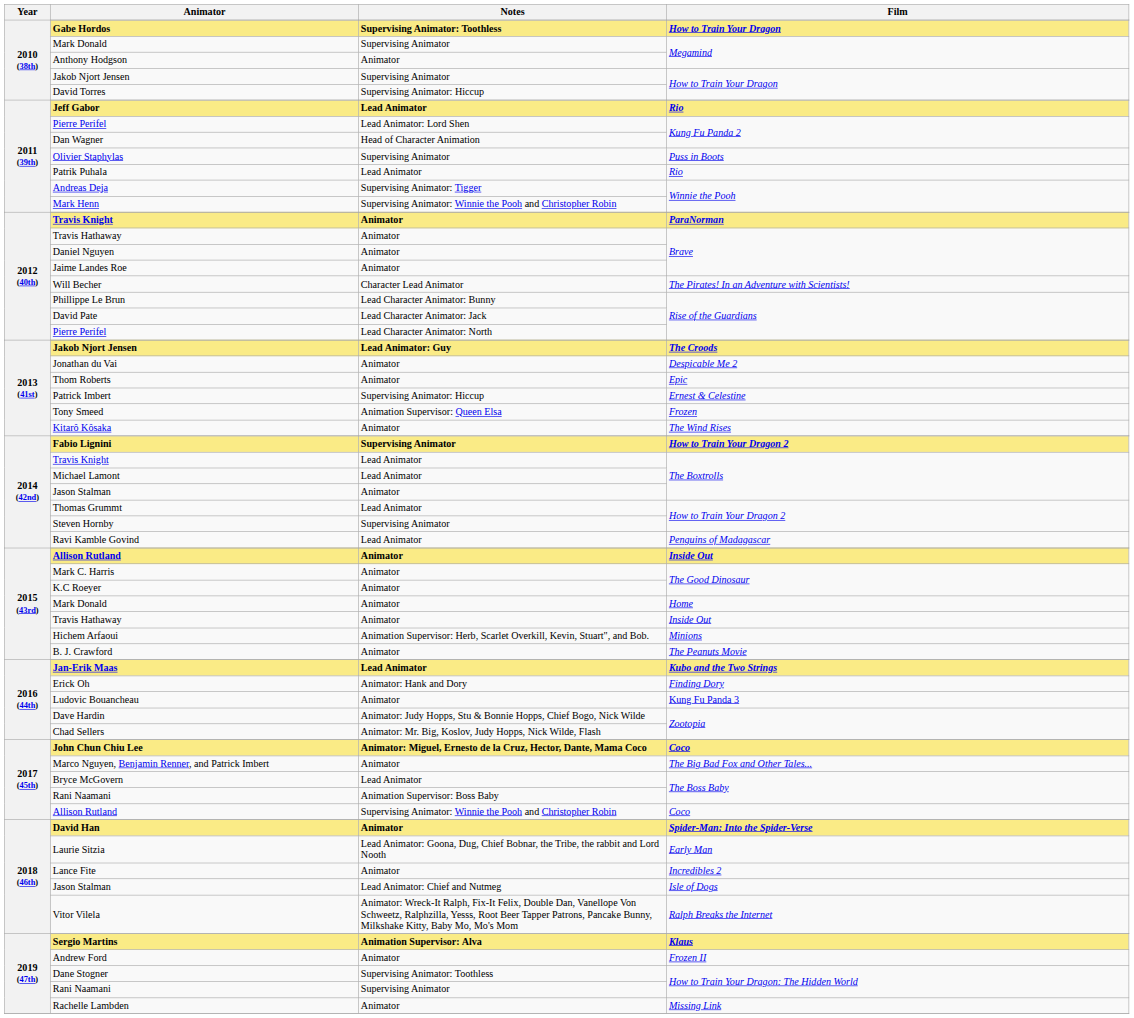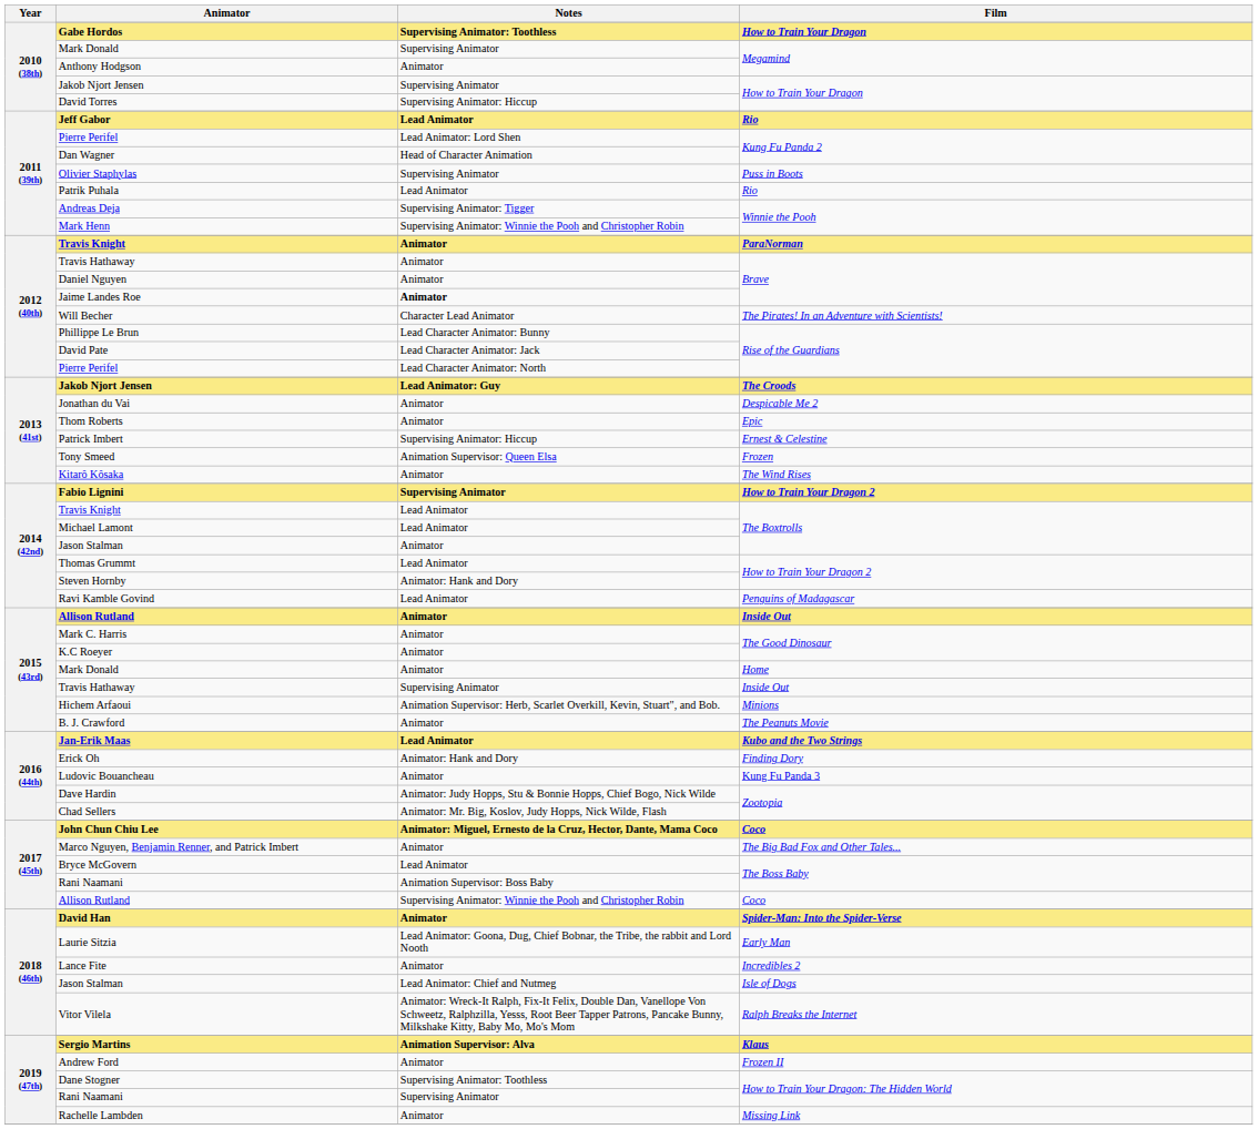 <table class="wikitable" style="width:90%;">
 <tr>
 <th style="width:3%;">Year</th>
 <th style="width:20%;">Animator</th>
 <th style="width:20%;">Notes</th>
 <th style="width:30%;">Film</th>
 </tr>
 <tr>
 <th rowspan="6" style="text-align:center;">2010 <br><small>(<a href='#'>38th</a>)</small><br></th>
 </tr>
 <tr>
 <td style="background:#FAEB86;"><strong>Gabe Hordos</strong></td>
 <td style="background:#FAEB86;"><strong>Supervising Animator: Toothless</strong></td>
 <td style="background:#FAEB86;"><strong><em><a href='#'>How to Train Your Dragon</a></em></strong></td>
 </tr>
 <tr>
 <td>Mark Donald</td>
 <td>Supervising Animator</td>
 <td rowspan="2"><em><a href='#'>Megamind</a></em></td>
 </tr>
 <tr>
 <td>Anthony Hodgson</td>
 <td>Animator</td>
 </tr>
 <tr>
 <td>Jakob Njort Jensen</td>
 <td>Supervising Animator</td>
 <td rowspan="2"><em><a href='#'>How to Train Your Dragon</a></em></td>
 </tr>
 <tr>
 <td>David Torres</td>
 <td>Supervising Animator: Hiccup</td>
 </tr>
 <tr>
 <th rowspan="8" style="text-align:center;">2011 <br><small>(<a href='#'>39th</a>)</small><br></th>
 </tr>
 <tr>
 <td style="background:#FAEB86;"><strong>Jeff Gabor</strong></td>
 <td style="background:#FAEB86;"><strong>Lead Animator</strong></td>
 <td style="background:#FAEB86;"><strong><em><a href='#'>Rio</a></em></strong></td>
 </tr>
 <tr>
 <td><a href='#'>Pierre Perifel</a></td>
 <td>Lead Animator: Lord Shen</td>
 <td rowspan="2"><em><a href='#'>Kung Fu Panda 2</a></em></td>
 </tr>
 <tr>
 <td>Dan Wagner</td>
 <td>Head of Character Animation</td>
 </tr>
 <tr>
 <td><a href='#'>Olivier Staphylas</a></td>
 <td>Supervising Animator</td>
 <td><a href='#'><em>Puss in Boots</em></a></td>
 </tr>
 <tr>
 <td>Patrik Puhala</td>
 <td>Lead Animator</td>
 <td><em><a href='#'>Rio</a></em></td>
 </tr>
 <tr>
 <td><a href='#'>Andreas Deja</a></td>
 <td>Supervising Animator: <a href='#'>Tigger</a></td>
 <td rowspan="2"><em><a href='#'>Winnie the Pooh</a></em></td>
 </tr>
 <tr>
 <td><a href='#'>Mark Henn</a></td>
 <td>Supervising Animator: <a href='#'>Winnie the Pooh</a> and <a href='#'>Christopher Robin</a></td>
 </tr>
 <tr>
 <th rowspan="9" style="text-align:center;">2012 <br><small>(<a href='#'>40th</a>)</small><br></th>
 </tr>
 <tr>
 <td style="background:#FAEB86;"><strong><a href='#'>Travis Knight</a></strong></td>
 <td style="background:#FAEB86;"><strong>Animator</strong></td>
 <td style="background:#FAEB86;"><strong><em><a href='#'>ParaNorman</a></em></strong></td>
 </tr>
 <tr>
 <td>Travis Hathaway</td>
 <td>Animator</td>
 <td rowspan="3"><a href='#'><em>Brave</em></a></td>
 </tr>
 <tr>
 <td>Daniel Nguyen</td>
 <td>Animator</td>
 </tr>
 <tr>
 <td>Jaime Landes Roe</td>
-<td>Animator</td>
+<td><strong>Animator</strong></td>
 </tr>
 <tr>
 <td>Will Becher</td>
 <td>Character Lead Animator</td>
 <td><em><a href='#'>The Pirates! In an Adventure with Scientists!</a></em></td>
 </tr>
 <tr>
 <td>Phillippe Le Brun</td>
 <td>Lead Character Animator: Bunny</td>
 <td rowspan="3"><em><a href='#'>Rise of the Guardians</a></em></td>
 </tr>
 <tr>
 <td>David Pate</td>
 <td>Lead Character Animator: Jack</td>
 </tr>
 <tr>
 <td><a href='#'>Pierre Perifel</a></td>
 <td>Lead Character Animator: North</td>
 </tr>
 <tr>
 <th rowspan="7" style="text-align:center;">2013 <br><small>(<a href='#'>41st</a>)</small><br></th>
 </tr>
 <tr>
 <td style="background:#FAEB86;"><strong>Jakob Njort Jensen</strong></td>
 <td style="background:#FAEB86;"><strong>Lead Animator: Guy</strong></td>
 <td style="background:#FAEB86;"><strong><em><a href='#'>The Croods</a></em></strong></td>
 </tr>
 <tr>
 <td>Jonathan du Vai</td>
 <td>Animator</td>
 <td><em><a href='#'>Despicable Me 2</a></em></td>
 </tr>
 <tr>
 <td>Thom Roberts</td>
 <td>Animator</td>
 <td><em><a href='#'>Epic</a></em></td>
 </tr>
 <tr>
 <td>Patrick Imbert</td>
 <td>Supervising Animator: Hiccup</td>
 <td><em><a href='#'>Ernest & Celestine</a></em></td>
 </tr>
 <tr>
 <td>Tony Smeed</td>
 <td>Animation Supervisor: <a href='#'>Queen Elsa</a></td>
 <td><em><a href='#'>Frozen</a></em></td>
 </tr>
 <tr>
 <td><a href='#'>Kitarô Kôsaka</a></td>
 <td>Animator</td>
 <td><em><a href='#'>The Wind Rises</a></em></td>
 </tr>
 <tr>
 <th rowspan="8" style="text-align:center;">2014 <br><small>(<a href='#'>42nd</a>)</small><br></th>
 </tr>
 <tr>
 <td style="background:#FAEB86;"><strong>Fabio Lignini</strong></td>
 <td style="background:#FAEB86;"><strong>Supervising Animator</strong></td>
 <td style="background:#FAEB86;"><strong><em><a href='#'>How to Train Your Dragon 2</a></em></strong></td>
 </tr>
 <tr>
 <td><a href='#'>Travis Knight</a></td>
 <td>Lead Animator</td>
 <td rowspan="3"><em><a href='#'>The Boxtrolls</a></em></td>
 </tr>
 <tr>
 <td>Michael Lamont</td>
 <td>Lead Animator</td>
 </tr>
 <tr>
 <td>Jason Stalman</td>
 <td>Animator</td>
 </tr>
 <tr>
 <td>Thomas Grummt</td>
 <td>Lead Animator</td>
 <td rowspan="2"><em><a href='#'>How to Train Your Dragon 2</a></em></td>
 </tr>
 <tr>
 <td>Steven Hornby</td>
-<td>Supervising Animator</td>
+<td>Animator: Hank and Dory</td>
 </tr>
 <tr>
 <td>Ravi Kamble Govind</td>
 <td>Lead Animator</td>
 <td><em><a href='#'>Penguins of Madagascar</a></em></td>
 </tr>
 <tr>
 <th rowspan="8" style="text-align:center;">2015 <br><small>(<a href='#'>43rd</a>)</small><br></th>
 </tr>
 <tr>
 <td style="background:#FAEB86;"><strong><a href='#'>Allison Rutland</a></strong></td>
 <td style="background:#FAEB86;"><strong>Animator</strong></td>
 <td style="background:#FAEB86;"><strong><em><a href='#'>Inside Out</a></em></strong></td>
 </tr>
 <tr>
 <td>Mark C. Harris</td>
 <td>Animator</td>
 <td rowspan="2"><em><a href='#'>The Good Dinosaur</a></em></td>
 </tr>
 <tr>
 <td>K.C Roeyer</td>
 <td>Animator</td>
 </tr>
 <tr>
 <td>Mark Donald</td>
 <td>Animator</td>
 <td><em><a href='#'>Home</a></em></td>
 </tr>
 <tr>
 <td>Travis Hathaway</td>
-<td>Animator</td>
+<td>Supervising Animator</td>
 <td><em><a href='#'>Inside Out</a></em></td>
 </tr>
 <tr>
 <td>Hichem Arfaoui</td>
 <td>Animation Supervisor: Herb, Scarlet Overkill, Kevin, Stuart", and Bob.</td>
 <td><a href='#'><em>Minions</em></a></td>
 </tr>
 <tr>
 <td>B. J. Crawford</td>
 <td>Animator</td>
 <td><em><a href='#'>The Peanuts Movie</a></em></td>
 </tr>
 <tr>
 <th rowspan="6" style="text-align:center;">2016 <br><small>(<a href='#'>44th</a>)</small><br></th>
 </tr>
 <tr>
 <td style="background:#FAEB86;"><strong><a href='#'>Jan-Erik Maas</a></strong></td>
 <td style="background:#FAEB86;"><strong>Lead Animator</strong></td>
 <td style="background:#FAEB86;"><strong><em><a href='#'>Kubo and the Two Strings</a></em></strong></td>
 </tr>
 <tr>
 <td>Erick Oh</td>
 <td>Animator: Hank and Dory</td>
 <td><em><a href='#'>Finding Dory</a></em></td>
 </tr>
 <tr>
 <td>Ludovic Bouancheau</td>
 <td>Animator</td>
 <td><a href='#'>Kung Fu Panda 3</a></td>
 </tr>
 <tr>
 <td>Dave Hardin</td>
 <td>Animator: Judy Hopps, Stu & Bonnie Hopps, Chief Bogo, Nick Wilde</td>
 <td rowspan="2"><em><a href='#'>Zootopia</a></em></td>
 </tr>
 <tr>
 <td>Chad Sellers</td>
 <td>Animator: Mr. Big, Koslov, Judy Hopps, Nick Wilde, Flash</td>
 </tr>
 <tr>
 <th rowspan="6" style="text-align:center;">2017 <br><small>(<a href='#'>45th</a>)</small><br></th>
 </tr>
 <tr>
 <td style="background:#FAEB86;"><strong>John Chun Chiu Lee</strong></td>
 <td style="background:#FAEB86;"><strong>Animator: Miguel, Ernesto de la Cruz, Hector, Dante, Mama Coco</strong></td>
 <td style="background:#FAEB86;"><strong><em><a href='#'>Coco</a></em></strong></td>
 </tr>
 <tr>
 <td>Marco Nguyen, <a href='#'>Benjamin Renner</a>, and Patrick Imbert</td>
 <td>Animator</td>
 <td><em><a href='#'>The Big Bad Fox and Other Tales...</a></em></td>
 </tr>
 <tr>
 <td>Bryce McGovern</td>
 <td>Lead Animator</td>
 <td rowspan="2"><em><a href='#'>The Boss Baby</a></em></td>
 </tr>
 <tr>
 <td>Rani Naamani</td>
 <td>Animation Supervisor: Boss Baby</td>
 </tr>
 <tr>
 <td><a href='#'>Allison Rutland</a></td>
 <td>Supervising Animator: <a href='#'>Winnie the Pooh</a> and <a href='#'>Christopher Robin</a></td>
 <td><em><a href='#'>Coco</a></em></td>
 </tr>
 <tr>
 <th rowspan="6" style="text-align:center;">2018 <br><small>(<a href='#'>46th</a>)</small><br></th>
 </tr>
 <tr>
 <td style="background:#FAEB86;"><strong>David Han</strong></td>
 <td style="background:#FAEB86;"><strong>Animator</strong></td>
 <td style="background:#FAEB86;"><strong><em><a href='#'>Spider-Man: Into the Spider-Verse</a></em></strong></td>
 </tr>
 <tr>
 <td>Laurie Sitzia</td>
 <td>Lead Animator: Goona, Dug, Chief Bobnar, the Tribe, the rabbit and Lord Nooth</td>
 <td><a href='#'><em>Early Man</em></a></td>
 </tr>
 <tr>
 <td>Lance Fite</td>
 <td>Animator</td>
 <td><em><a href='#'>Incredibles 2</a></em></td>
 </tr>
 <tr>
 <td>Jason Stalman</td>
 <td>Lead Animator: Chief and Nutmeg</td>
 <td><em><a href='#'>Isle of Dogs</a></em></td>
 </tr>
 <tr>
 <td>Vitor Vilela</td>
 <td>Animator: Wreck-It Ralph, Fix-It Felix, Double Dan, Vanellope Von Schweetz, Ralphzilla, Yesss, Root Beer Tapper Patrons, Pancake Bunny, Milkshake Kitty, Baby Mo, Mo's Mom</td>
 <td><em><a href='#'>Ralph Breaks the Internet</a></em></td>
 </tr>
 <tr>
 <th rowspan="6" style="text-align:center;">2019 <br><small>(<a href='#'>47th</a>)</small><br></th>
 </tr>
 <tr>
 <td style="background:#FAEB86;"><strong>Sergio Martins</strong></td>
 <td style="background:#FAEB86;"><strong>Animation Supervisor: Alva</strong></td>
 <td style="background:#FAEB86;"><strong><em><a href='#'>Klaus</a></em></strong></td>
 </tr>
 <tr>
 <td>Andrew Ford</td>
 <td>Animator</td>
 <td><em><a href='#'>Frozen II</a></em></td>
 </tr>
 <tr>
 <td>Dane Stogner</td>
 <td>Supervising Animator: Toothless</td>
 <td rowspan="2"><em><a href='#'>How to Train Your Dragon: The Hidden World</a></em></td>
 </tr>
 <tr>
 <td>Rani Naamani</td>
 <td>Supervising Animator</td>
 </tr>
 <tr>
 <td>Rachelle Lambden</td>
 <td>Animator</td>
 <td><a href='#'><em>Missing Link</em></a></td>
 </tr>
 <tr>
 </tr>
 </table>
